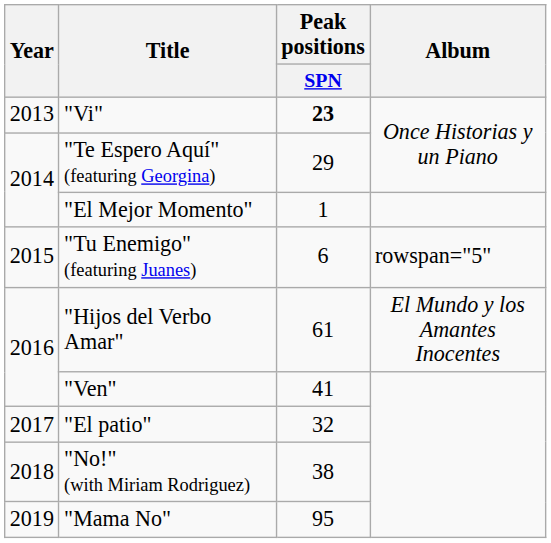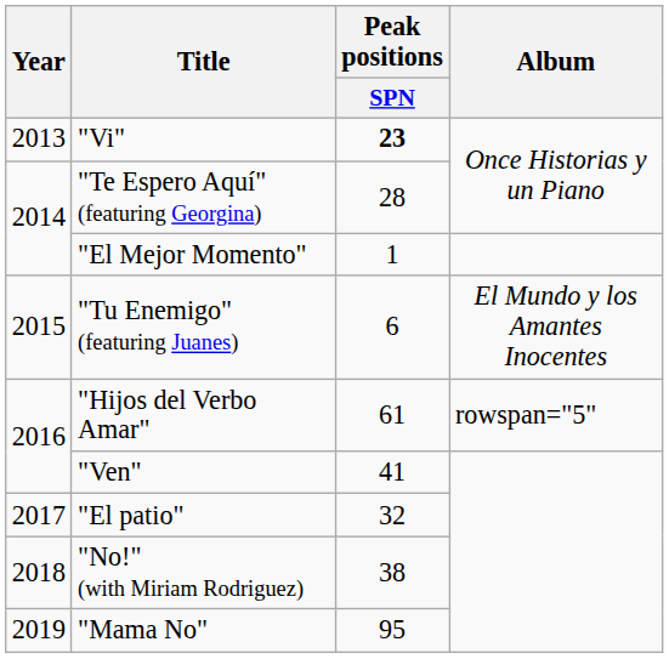 <table class="wikitable">
 <tr>
 <th align="center" rowspan="2" width="10">Year</th>
 <th align="center" rowspan="2" width="150">Title</th>
 <th align="center" colspan="1" width="20">Peak positions</th>
 <th align="center" rowspan="2" width="120">Album</th>
 </tr>
 <tr>
 <th scope="col" style="width:3em;font-size:90%;"><a href='#'>SPN</a><br></th>
 </tr>
 <tr>
 <td style="text-align:center;">2013</td>
 <td>"Vi"</td>
 <td style="text-align:center;"><strong>23</strong></td>
 <td style="text-align:center;" rowspan=2><em>Once Historias y un Piano</em></td>
 </tr>
 <tr>
 <td style="text-align:center;" rowspan=2>2014</td>
 <td>"Te Espero Aquí" <br><small>(featuring <a href='#'>Georgina</a>)</small></td>
-<td style="text-align:center;">29</td>
+<td style="text-align:center;">28</td>
 </tr>
 <tr>
 <td>"El Mejor Momento"</td>
 <td style="text-align:center;">1</td>
 <td style="text-align:center;"></td>
 </tr>
 <tr>
 <td style="text-align:center;">2015</td>
 <td>"Tu Enemigo" <br><small>(featuring <a href='#'>Juanes</a>)</small></td>
 <td style="text-align:center;">6</td>
-<td>rowspan="5" </td>
+<td style="text-align:center;"><em>El Mundo y los Amantes Inocentes</em></td>
 </tr>
 <tr>
 <td style="text-align:center;" rowspan=2>2016</td>
 <td>"Hijos del Verbo Amar"</td>
 <td style="text-align:center;">61</td>
-<td style="text-align:center;"><em>El Mundo y los Amantes Inocentes</em></td>
+<td>rowspan="5" </td>
 </tr>
 <tr>
 <td>"Ven"</td>
 <td style="text-align:center;">41</td>
 </tr>
 <tr>
 <td style="text-align:center;">2017</td>
 <td>"El patio"</td>
 <td style="text-align:center;">32<br></td>
 </tr>
 <tr>
 <td style="text-align:center;">2018</td>
 <td>"No!"<br><small>(with Miriam Rodriguez)</small></td>
 <td style="text-align:center;">38<br></td>
 </tr>
 <tr>
 <td style="text-align:center;">2019</td>
 <td>"Mama No"</td>
 <td style="text-align:center;">95<br></td>
 </tr>
 </table>
